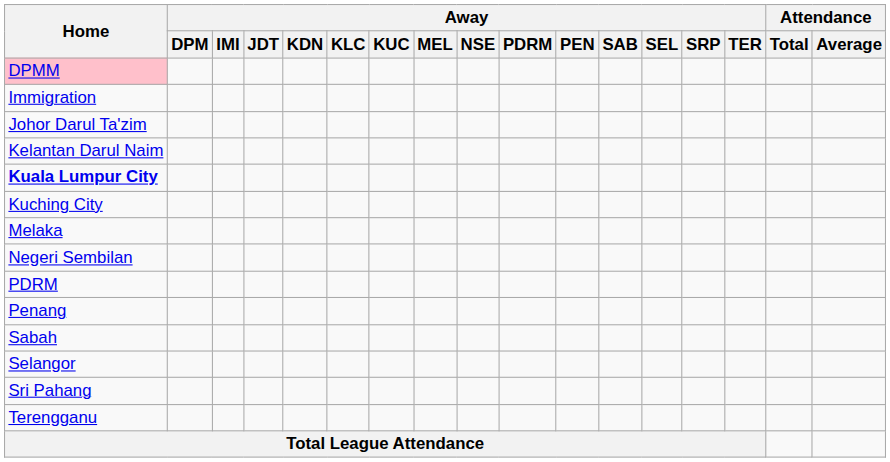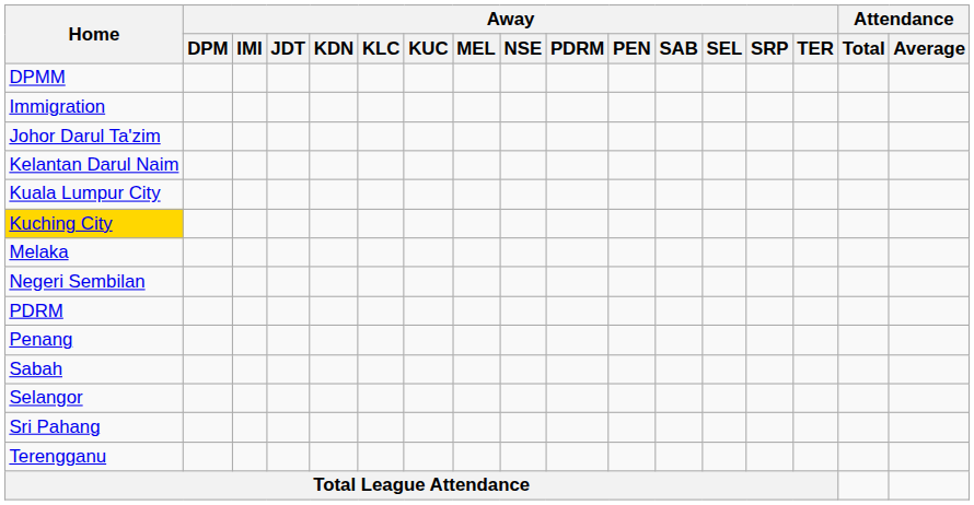 <table class="wikitable" style="text-align:center;">
 <tr>
 <th rowspan="2">Home</th>
 <th colspan="14">Away</th>
 <th colspan="3">Attendance</th>
 </tr>
 <tr>
 <th>DPM</th>
 <th>IMI</th>
 <th>JDT</th>
 <th>KDN</th>
 <th>KLC</th>
 <th>KUC</th>
 <th>MEL</th>
 <th>NSE</th>
 <th>PDRM</th>
 <th>PEN</th>
 <th>SAB</th>
 <th>SEL</th>
 <th>SRP</th>
 <th>TER</th>
 <th>Total</th>
 <th>Average</th>
 </tr>
 <tr>
-<td align=left style="background: pink;"><a href='#'>DPMM</a></td>
+<td align=left><a href='#'>DPMM</a></td>
 <td></td>
 <td></td>
 <td></td>
 <td></td>
 <td></td>
 <td></td>
 <td></td>
 <td></td>
 <td></td>
 <td></td>
 <td></td>
 <td></td>
 <td></td>
 <td></td>
 <td></td>
 <td></td>
 </tr>
 <tr>
 <td align=left><a href='#'>Immigration</a></td>
 <td></td>
 <td></td>
 <td></td>
 <td></td>
 <td></td>
 <td></td>
 <td></td>
 <td></td>
 <td></td>
 <td></td>
 <td></td>
 <td></td>
 <td></td>
 <td></td>
 <td></td>
 <td></td>
 </tr>
 <tr>
 <td align=left><a href='#'>Johor Darul Ta'zim</a></td>
 <td></td>
 <td></td>
 <td></td>
 <td></td>
 <td></td>
 <td></td>
 <td></td>
 <td></td>
 <td></td>
 <td></td>
 <td></td>
 <td></td>
 <td></td>
 <td></td>
 <td></td>
 <td></td>
 </tr>
 <tr>
 <td align=left><a href='#'>Kelantan Darul Naim</a></td>
 <td></td>
 <td></td>
 <td></td>
 <td></td>
 <td></td>
 <td></td>
 <td></td>
 <td></td>
 <td></td>
 <td></td>
 <td></td>
 <td></td>
 <td></td>
 <td></td>
 <td></td>
 <td></td>
 </tr>
 <tr>
-<td align=left><strong><a href='#'>Kuala Lumpur City</a></strong></td>
+<td align=left><a href='#'>Kuala Lumpur City</a></td>
 <td></td>
 <td></td>
 <td></td>
 <td></td>
 <td></td>
 <td></td>
 <td></td>
 <td></td>
 <td></td>
 <td></td>
 <td></td>
 <td></td>
 <td></td>
 <td></td>
 <td></td>
 <td></td>
 </tr>
 <tr>
-<td align=left><a href='#'>Kuching City</a></td>
+<td align=left style="background: gold;"><a href='#'>Kuching City</a></td>
 <td></td>
 <td></td>
 <td></td>
 <td></td>
 <td></td>
 <td></td>
 <td></td>
 <td></td>
 <td></td>
 <td></td>
 <td></td>
 <td></td>
 <td></td>
 <td></td>
 <td></td>
 <td></td>
 </tr>
 <tr>
 <td align=left><a href='#'>Melaka</a></td>
 <td></td>
 <td></td>
 <td></td>
 <td></td>
 <td></td>
 <td></td>
 <td></td>
 <td></td>
 <td></td>
 <td></td>
 <td></td>
 <td></td>
 <td></td>
 <td></td>
 <td></td>
 <td></td>
 </tr>
 <tr>
 <td align=left><a href='#'>Negeri Sembilan</a></td>
 <td></td>
 <td></td>
 <td></td>
 <td></td>
 <td></td>
 <td></td>
 <td></td>
 <td></td>
 <td></td>
 <td></td>
 <td></td>
 <td></td>
 <td></td>
 <td></td>
 <td></td>
 <td></td>
 </tr>
 <tr>
 <td align=left><a href='#'>PDRM</a></td>
 <td></td>
 <td></td>
 <td></td>
 <td></td>
 <td></td>
 <td></td>
 <td></td>
 <td></td>
 <td></td>
 <td></td>
 <td></td>
 <td></td>
 <td></td>
 <td></td>
 <td></td>
 <td></td>
 </tr>
 <tr>
 <td align=left><a href='#'>Penang</a></td>
 <td></td>
 <td></td>
 <td></td>
 <td></td>
 <td></td>
 <td></td>
 <td></td>
 <td></td>
 <td></td>
 <td></td>
 <td></td>
 <td></td>
 <td></td>
 <td></td>
 <td></td>
 <td></td>
 </tr>
 <tr>
 <td align=left><a href='#'>Sabah</a></td>
 <td></td>
 <td></td>
 <td></td>
 <td></td>
 <td></td>
 <td></td>
 <td></td>
 <td></td>
 <td></td>
 <td></td>
 <td></td>
 <td></td>
 <td></td>
 <td></td>
 <td></td>
 <td></td>
 </tr>
 <tr>
 <td align=left><a href='#'>Selangor</a></td>
 <td></td>
 <td></td>
 <td></td>
 <td></td>
 <td></td>
 <td></td>
 <td></td>
 <td></td>
 <td></td>
 <td></td>
 <td></td>
 <td></td>
 <td></td>
 <td></td>
 <td></td>
 <td></td>
 </tr>
 <tr>
 <td align=left><a href='#'>Sri Pahang</a></td>
 <td></td>
 <td></td>
 <td></td>
 <td></td>
 <td></td>
 <td></td>
 <td></td>
 <td></td>
 <td></td>
 <td></td>
 <td></td>
 <td></td>
 <td></td>
 <td></td>
 <td></td>
 <td></td>
 </tr>
 <tr>
 <td align=left><a href='#'>Terengganu</a></td>
 <td></td>
 <td></td>
 <td></td>
 <td></td>
 <td></td>
 <td></td>
 <td></td>
 <td></td>
 <td></td>
 <td></td>
 <td></td>
 <td></td>
 <td></td>
 <td></td>
 <td></td>
 <td></td>
 </tr>
 <tr>
 <th colspan="15">Total League Attendance</th>
 <td></td>
 <td></td>
 </tr>
 </table>
